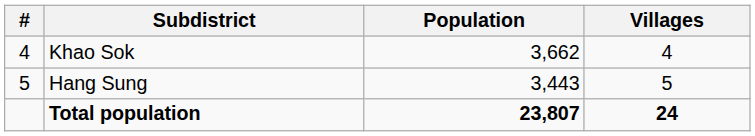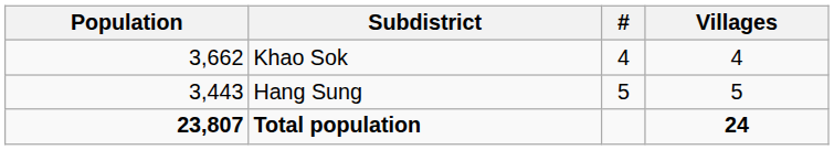 <table class="wikitable" style="width:48%; display:inline-table;">
 <tr>
+<th>Population</th>
+<th>Subdistrict</th>
 <th>#</th>
-<th>Subdistrict</th>
-<th>Population</th>
 <th>Villages</th>
 </tr>
 <tr>
+<td style="text-align:right;">3,662</td>
+<td>Khao Sok</td>
 <td style="text-align:center;">4</td>
-<td>Khao Sok</td>
-<td style="text-align:right;">3,662</td>
 <td style="text-align:center;">4</td>
 </tr>
 <tr>
+<td style="text-align:right;">3,443</td>
+<td>Hang Sung</td>
 <td style="text-align:center;">5</td>
-<td>Hang Sung</td>
-<td style="text-align:right;">3,443</td>
 <td style="text-align:center;">5</td>
 </tr>
 <tr>
+<td style="text-align:right;"><strong>23,807</strong></td>
+<td><strong>Total population</strong></td>
 <td></td>
-<td><strong>Total population</strong></td>
-<td style="text-align:right;"><strong>23,807</strong></td>
 <td style="text-align:center;"><strong>24</strong></td>
 </tr>
 </table>
